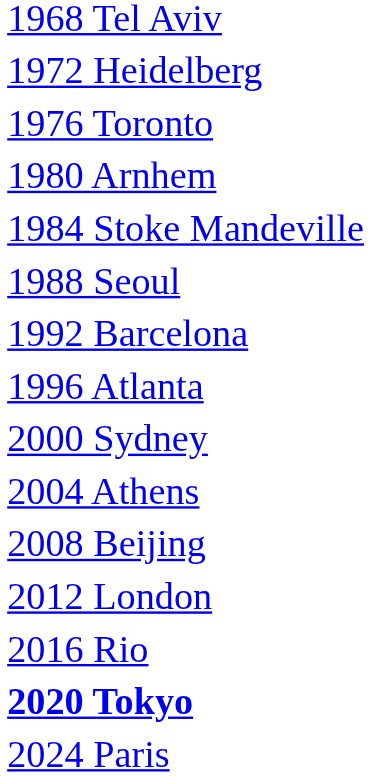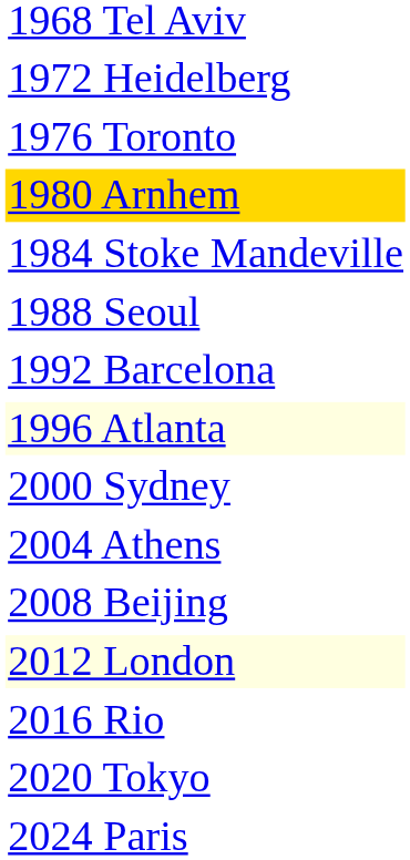 <table>
 <tr>
 <td><a href='#'>1968 Tel Aviv</a></td>
 <td align="center"><strong></strong></td>
 <td align="center"></td>
 <td align="center"></td>
 </tr>
 <tr>
 <td><a href='#'>1972 Heidelberg</a></td>
 <td align="center"><strong></strong></td>
 <td align="center"></td>
 <td align="center"></td>
 </tr>
 <tr>
 <td><a href='#'>1976 Toronto</a></td>
 <td align="center"><strong></strong></td>
 <td align="center"></td>
 <td align="center"></td>
 </tr>
 <tr>
-<td><a href='#'>1980 Arnhem</a></td>
+<td style="background: gold;"><a href='#'>1980 Arnhem</a></td>
 <td align="center"><strong></strong></td>
 <td align="center"></td>
 <td align="center"></td>
 </tr>
 <tr>
 <td><a href='#'>1984 Stoke Mandeville</a></td>
 <td align="center"><strong></strong></td>
 <td align="center"></td>
 <td align="center"></td>
 </tr>
 <tr>
 <td><a href='#'>1988 Seoul</a></td>
 <td align="center"><strong></strong></td>
 <td align="center"></td>
 <td align="center"></td>
 </tr>
 <tr>
 <td><a href='#'>1992 Barcelona</a></td>
 <td align="center"><strong></strong></td>
 <td align="center"></td>
 <td align="center"></td>
 </tr>
 <tr>
-<td><a href='#'>1996 Atlanta</a></td>
+<td style="background: lightyellow;"><a href='#'>1996 Atlanta</a></td>
 <td align="center"><strong></strong></td>
 <td align="center"></td>
 <td align="center"></td>
 </tr>
 <tr>
 <td><a href='#'>2000 Sydney</a></td>
 <td align="center"><strong></strong></td>
 <td align="center"></td>
 <td align="center"></td>
 </tr>
 <tr>
 <td><a href='#'>2004 Athens</a></td>
 <td align="center"><strong></strong></td>
 <td align="center"></td>
 <td align="center"></td>
 </tr>
 <tr>
 <td><a href='#'>2008 Beijing</a></td>
 <td align="center"><strong></strong></td>
 <td align="center"></td>
 <td align="center"></td>
 </tr>
 <tr>
-<td><a href='#'>2012 London</a></td>
+<td style="background: lightyellow;"><a href='#'>2012 London</a></td>
 <td align="center"><strong></strong></td>
 <td align="center"></td>
 <td align="center"></td>
 </tr>
 <tr>
 <td><a href='#'>2016 Rio</a></td>
 <td align="center"><strong></strong></td>
 <td align="center"></td>
 <td align="center"></td>
 </tr>
 <tr>
-<td><strong><a href='#'>2020 Tokyo</a></strong></td>
+<td><a href='#'>2020 Tokyo</a></td>
 <td align="center"><strong></strong></td>
 <td align="center"></td>
 <td align="center"></td>
 </tr>
 <tr>
 <td><a href='#'>2024 Paris</a></td>
 <td align="center"><strong></strong></td>
 <td align="center"></td>
 <td align="center"></td>
 </tr>
 </table>
